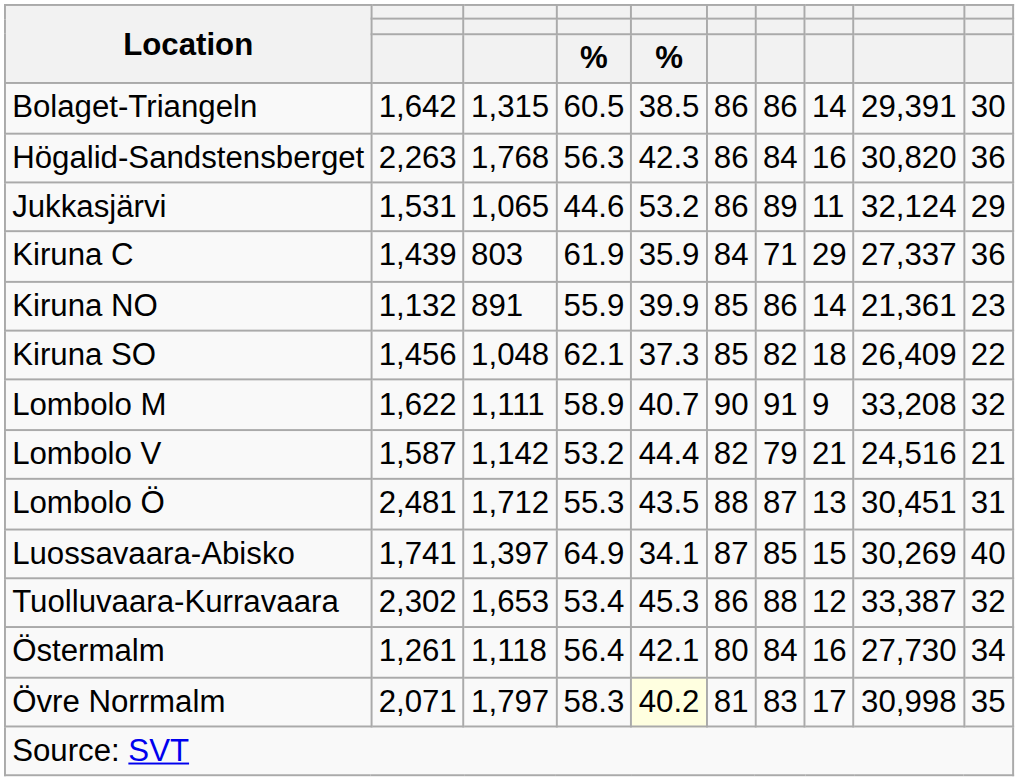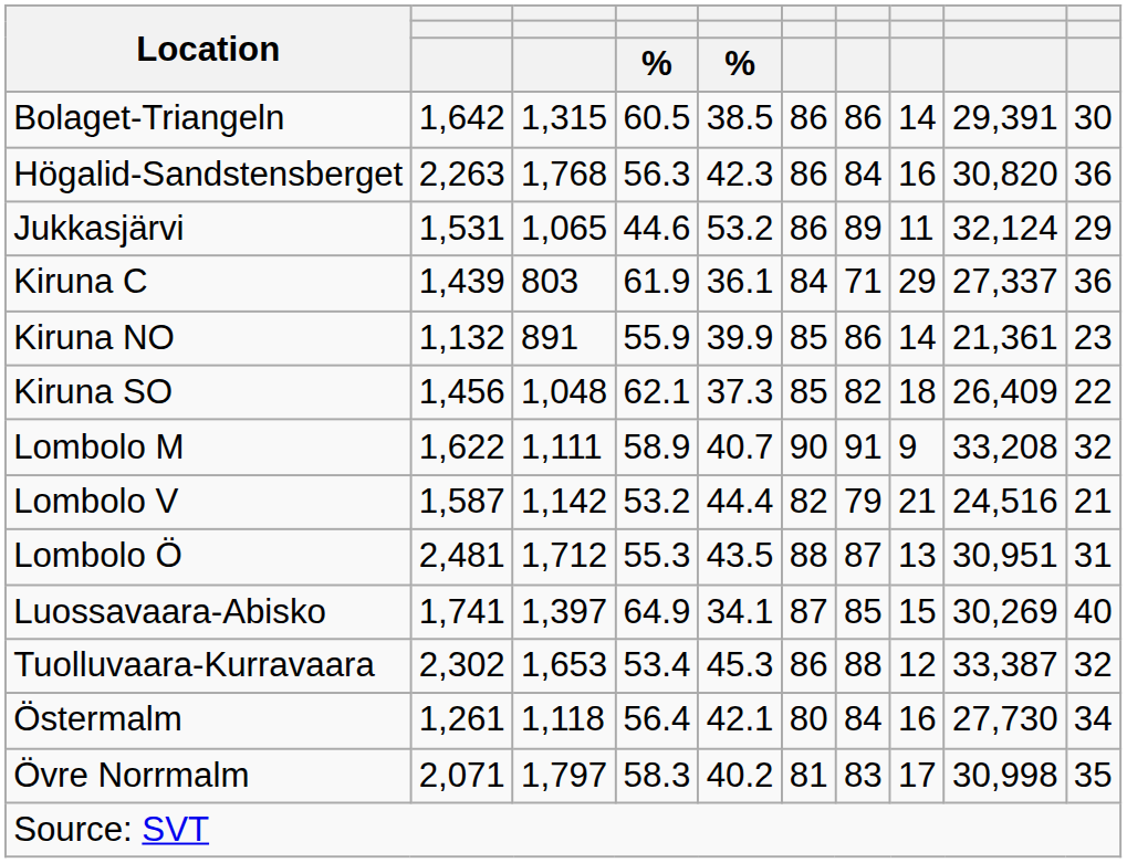 <table role="presentation" class="wikitable sortable mw-collapsible">
 <tr>
 <th rowspan="3">Location</th>
 <th></th>
 <th></th>
 <th></th>
 <th></th>
 <th></th>
 <th></th>
 <th></th>
 <th></th>
 <th></th>
 </tr>
 <tr>
 <th></th>
 <th></th>
 <th style="background:"></th>
 <th style="background:"></th>
 <th></th>
 <th></th>
 <th></th>
 <th></th>
 <th></th>
 </tr>
 <tr>
 <th data-sort-type="number"></th>
 <th data-sort-type="number"></th>
 <th data-sort-type="number">%</th>
 <th data-sort-type="number">%</th>
 <th data-sort-type="number"></th>
 <th data-sort-type="number"></th>
 <th data-sort-type="number"></th>
 <th data-sort-type="number"></th>
 <th data-sort-type="number"></th>
 </tr>
 <tr>
 <td align="left">Bolaget-Triangeln</td>
 <td>1,642</td>
 <td>1,315</td>
 <td>60.5</td>
 <td>38.5</td>
 <td>86</td>
 <td>86</td>
 <td>14</td>
 <td>29,391</td>
 <td>30</td>
 </tr>
 <tr>
 <td align="left">Högalid-Sandstensberget</td>
 <td>2,263</td>
 <td>1,768</td>
 <td>56.3</td>
 <td>42.3</td>
 <td>86</td>
 <td>84</td>
 <td>16</td>
 <td>30,820</td>
 <td>36</td>
 </tr>
 <tr>
 <td align="left">Jukkasjärvi</td>
 <td>1,531</td>
 <td>1,065</td>
 <td>44.6</td>
 <td>53.2</td>
 <td>86</td>
 <td>89</td>
 <td>11</td>
 <td>32,124</td>
 <td>29</td>
 </tr>
 <tr>
 <td align="left">Kiruna C</td>
 <td>1,439</td>
 <td>803</td>
 <td>61.9</td>
-<td>35.9</td>
+<td>36.1</td>
 <td>84</td>
 <td>71</td>
 <td>29</td>
 <td>27,337</td>
 <td>36</td>
 </tr>
 <tr>
 <td align="left">Kiruna NO</td>
 <td>1,132</td>
 <td>891</td>
 <td>55.9</td>
 <td>39.9</td>
 <td>85</td>
 <td>86</td>
 <td>14</td>
 <td>21,361</td>
 <td>23</td>
 </tr>
 <tr>
 <td align="left">Kiruna SO</td>
 <td>1,456</td>
 <td>1,048</td>
 <td>62.1</td>
 <td>37.3</td>
 <td>85</td>
 <td>82</td>
 <td>18</td>
 <td>26,409</td>
 <td>22</td>
 </tr>
 <tr>
 <td align="left">Lombolo M</td>
 <td>1,622</td>
 <td>1,111</td>
 <td>58.9</td>
 <td>40.7</td>
 <td>90</td>
 <td>91</td>
 <td>9</td>
 <td>33,208</td>
 <td>32</td>
 </tr>
 <tr>
 <td align="left">Lombolo V</td>
 <td>1,587</td>
 <td>1,142</td>
 <td>53.2</td>
 <td>44.4</td>
 <td>82</td>
 <td>79</td>
 <td>21</td>
 <td>24,516</td>
 <td>21</td>
 </tr>
 <tr>
 <td align="left">Lombolo Ö</td>
 <td>2,481</td>
 <td>1,712</td>
 <td>55.3</td>
 <td>43.5</td>
 <td>88</td>
 <td>87</td>
 <td>13</td>
-<td>30,451</td>
+<td>30,951</td>
 <td>31</td>
 </tr>
 <tr>
 <td align="left">Luossavaara-Abisko</td>
 <td>1,741</td>
 <td>1,397</td>
 <td>64.9</td>
 <td>34.1</td>
 <td>87</td>
 <td>85</td>
 <td>15</td>
 <td>30,269</td>
 <td>40</td>
 </tr>
 <tr>
 <td align="left">Tuolluvaara-Kurravaara</td>
 <td>2,302</td>
 <td>1,653</td>
 <td>53.4</td>
 <td>45.3</td>
 <td>86</td>
 <td>88</td>
 <td>12</td>
 <td>33,387</td>
 <td>32</td>
 </tr>
 <tr>
 <td align="left">Östermalm</td>
 <td>1,261</td>
 <td>1,118</td>
 <td>56.4</td>
 <td>42.1</td>
 <td>80</td>
 <td>84</td>
 <td>16</td>
 <td>27,730</td>
 <td>34</td>
 </tr>
 <tr>
 <td align="left">Övre Norrmalm</td>
 <td>2,071</td>
 <td>1,797</td>
 <td>58.3</td>
-<td style="background: lightyellow;">40.2</td>
+<td>40.2</td>
 <td>81</td>
 <td>83</td>
 <td>17</td>
 <td>30,998</td>
 <td>35</td>
 </tr>
 <tr>
 <td colspan="10" align="left">Source: <a href='#'>SVT</a></td>
 </tr>
 </table>
